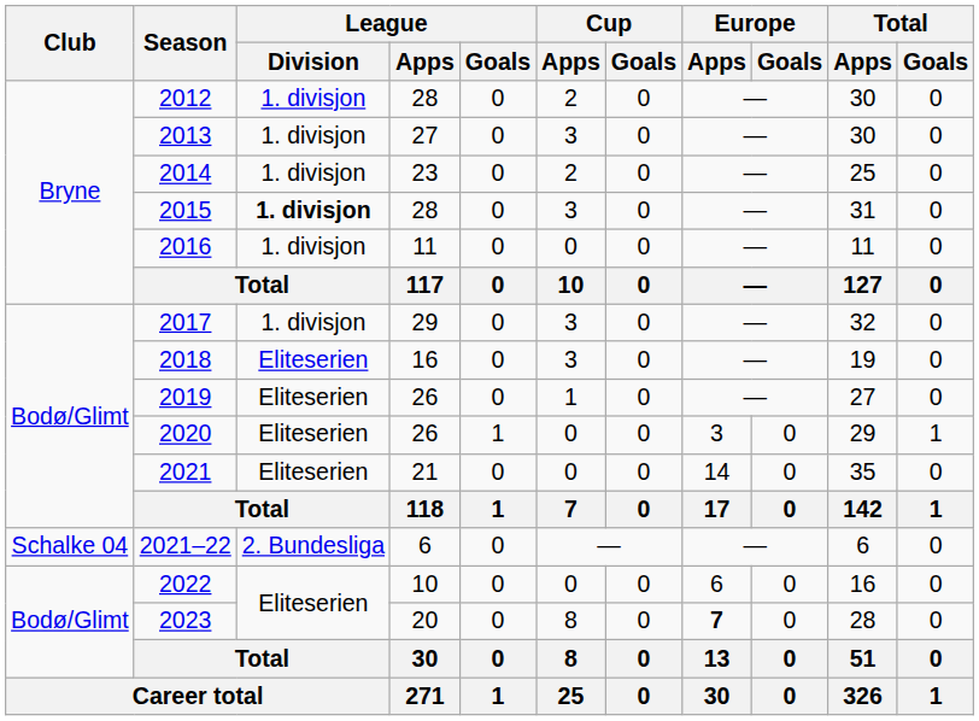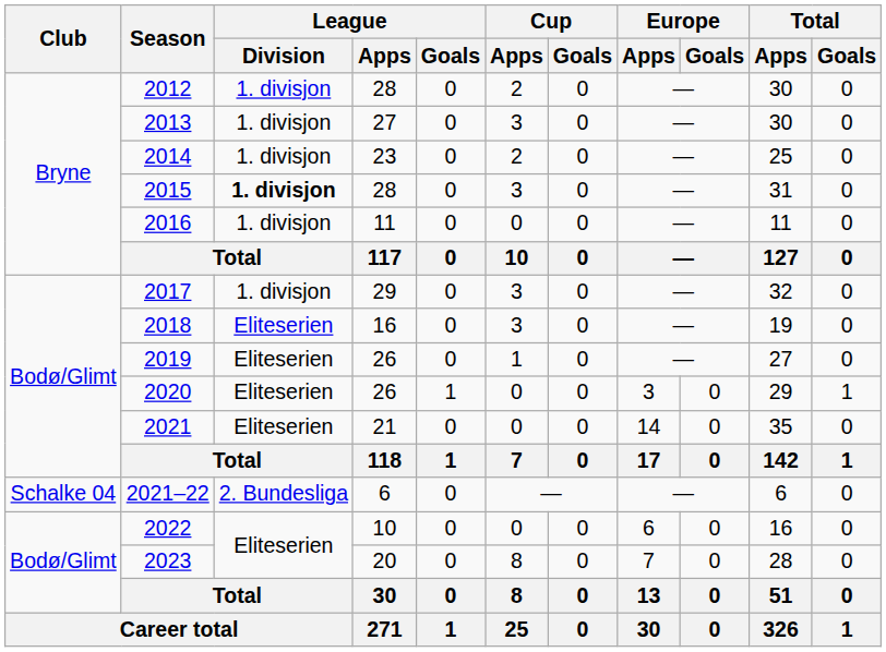 <table class="wikitable" style="text-align:center">
 <tr>
 <th rowspan="2">Club</th>
 <th rowspan="2">Season</th>
 <th colspan="3">League</th>
 <th colspan="2">Cup</th>
 <th colspan="2">Europe</th>
 <th colspan="2">Total</th>
 </tr>
 <tr>
 <th>Division</th>
 <th>Apps</th>
 <th>Goals</th>
 <th>Apps</th>
 <th>Goals</th>
 <th>Apps</th>
 <th>Goals</th>
 <th>Apps</th>
 <th>Goals</th>
 </tr>
 <tr>
 <td rowspan="6"><a href='#'>Bryne</a></td>
 <td><a href='#'>2012</a></td>
 <td><a href='#'>1. divisjon</a></td>
 <td>28</td>
 <td>0</td>
 <td>2</td>
 <td>0</td>
 <td colspan="2">—</td>
 <td>30</td>
 <td>0</td>
 </tr>
 <tr>
 <td><a href='#'>2013</a></td>
 <td>1. divisjon</td>
 <td>27</td>
 <td>0</td>
 <td>3</td>
 <td>0</td>
 <td colspan="2">—</td>
 <td>30</td>
 <td>0</td>
 </tr>
 <tr>
 <td><a href='#'>2014</a></td>
 <td>1. divisjon</td>
 <td>23</td>
 <td>0</td>
 <td>2</td>
 <td>0</td>
 <td colspan="2">—</td>
 <td>25</td>
 <td>0</td>
 </tr>
 <tr>
 <td><a href='#'>2015</a></td>
 <td><strong>1. divisjon</strong></td>
 <td>28</td>
 <td>0</td>
 <td>3</td>
 <td>0</td>
 <td colspan="2">—</td>
 <td>31</td>
 <td>0</td>
 </tr>
 <tr>
 <td><a href='#'>2016</a></td>
 <td>1. divisjon</td>
 <td>11</td>
 <td>0</td>
 <td>0</td>
 <td>0</td>
 <td colspan="2">—</td>
 <td>11</td>
 <td>0</td>
 </tr>
 <tr>
 <th colspan="2">Total</th>
 <th>117</th>
 <th>0</th>
 <th>10</th>
 <th>0</th>
 <th colspan="2">—</th>
 <th>127</th>
 <th>0</th>
 </tr>
 <tr>
 <td rowspan="6"><a href='#'>Bodø/Glimt</a></td>
 <td><a href='#'>2017</a></td>
 <td>1. divisjon</td>
 <td>29</td>
 <td>0</td>
 <td>3</td>
 <td>0</td>
 <td colspan="2">—</td>
 <td>32</td>
 <td>0</td>
 </tr>
 <tr>
 <td><a href='#'>2018</a></td>
 <td><a href='#'>Eliteserien</a></td>
 <td>16</td>
 <td>0</td>
 <td>3</td>
 <td>0</td>
 <td colspan="2">—</td>
 <td>19</td>
 <td>0</td>
 </tr>
 <tr>
 <td><a href='#'>2019</a></td>
 <td>Eliteserien</td>
 <td>26</td>
 <td>0</td>
 <td>1</td>
 <td>0</td>
 <td colspan="2">—</td>
 <td>27</td>
 <td>0</td>
 </tr>
 <tr>
 <td><a href='#'>2020</a></td>
 <td>Eliteserien</td>
 <td>26</td>
 <td>1</td>
 <td>0</td>
 <td>0</td>
 <td>3</td>
 <td>0</td>
 <td>29</td>
 <td>1</td>
 </tr>
 <tr>
 <td><a href='#'>2021</a></td>
 <td>Eliteserien</td>
 <td>21</td>
 <td>0</td>
 <td>0</td>
 <td>0</td>
 <td>14</td>
 <td>0</td>
 <td>35</td>
 <td>0</td>
 </tr>
 <tr>
 <th colspan="2">Total</th>
 <th>118</th>
 <th>1</th>
 <th>7</th>
 <th>0</th>
 <th>17</th>
 <th>0</th>
 <th>142</th>
 <th>1</th>
 </tr>
 <tr>
 <td><a href='#'>Schalke 04</a></td>
 <td><a href='#'>2021–22</a></td>
 <td><a href='#'>2. Bundesliga</a></td>
 <td>6</td>
 <td>0</td>
 <td colspan="2">—</td>
 <td colspan="2">—</td>
 <td>6</td>
 <td>0</td>
 </tr>
 <tr>
 <td rowspan="3"><a href='#'>Bodø/Glimt</a></td>
 <td><a href='#'>2022</a></td>
 <td rowspan="2">Eliteserien</td>
 <td>10</td>
 <td>0</td>
 <td>0</td>
 <td>0</td>
 <td>6</td>
 <td>0</td>
 <td>16</td>
 <td>0</td>
 </tr>
 <tr>
 <td><a href='#'>2023</a></td>
 <td>20</td>
 <td>0</td>
 <td>8</td>
 <td>0</td>
-<td><strong>7</strong></td>
+<td>7</td>
 <td>0</td>
 <td>28</td>
 <td>0</td>
 </tr>
 <tr>
 <th colspan="2">Total</th>
 <th>30</th>
 <th>0</th>
 <th>8</th>
 <th>0</th>
 <th>13</th>
 <th>0</th>
 <th>51</th>
 <th>0</th>
 </tr>
 <tr>
 <th colspan="3">Career total</th>
 <th>271</th>
 <th>1</th>
 <th>25</th>
 <th>0</th>
 <th>30</th>
 <th>0</th>
 <th>326</th>
 <th>1</th>
 </tr>
 </table>
